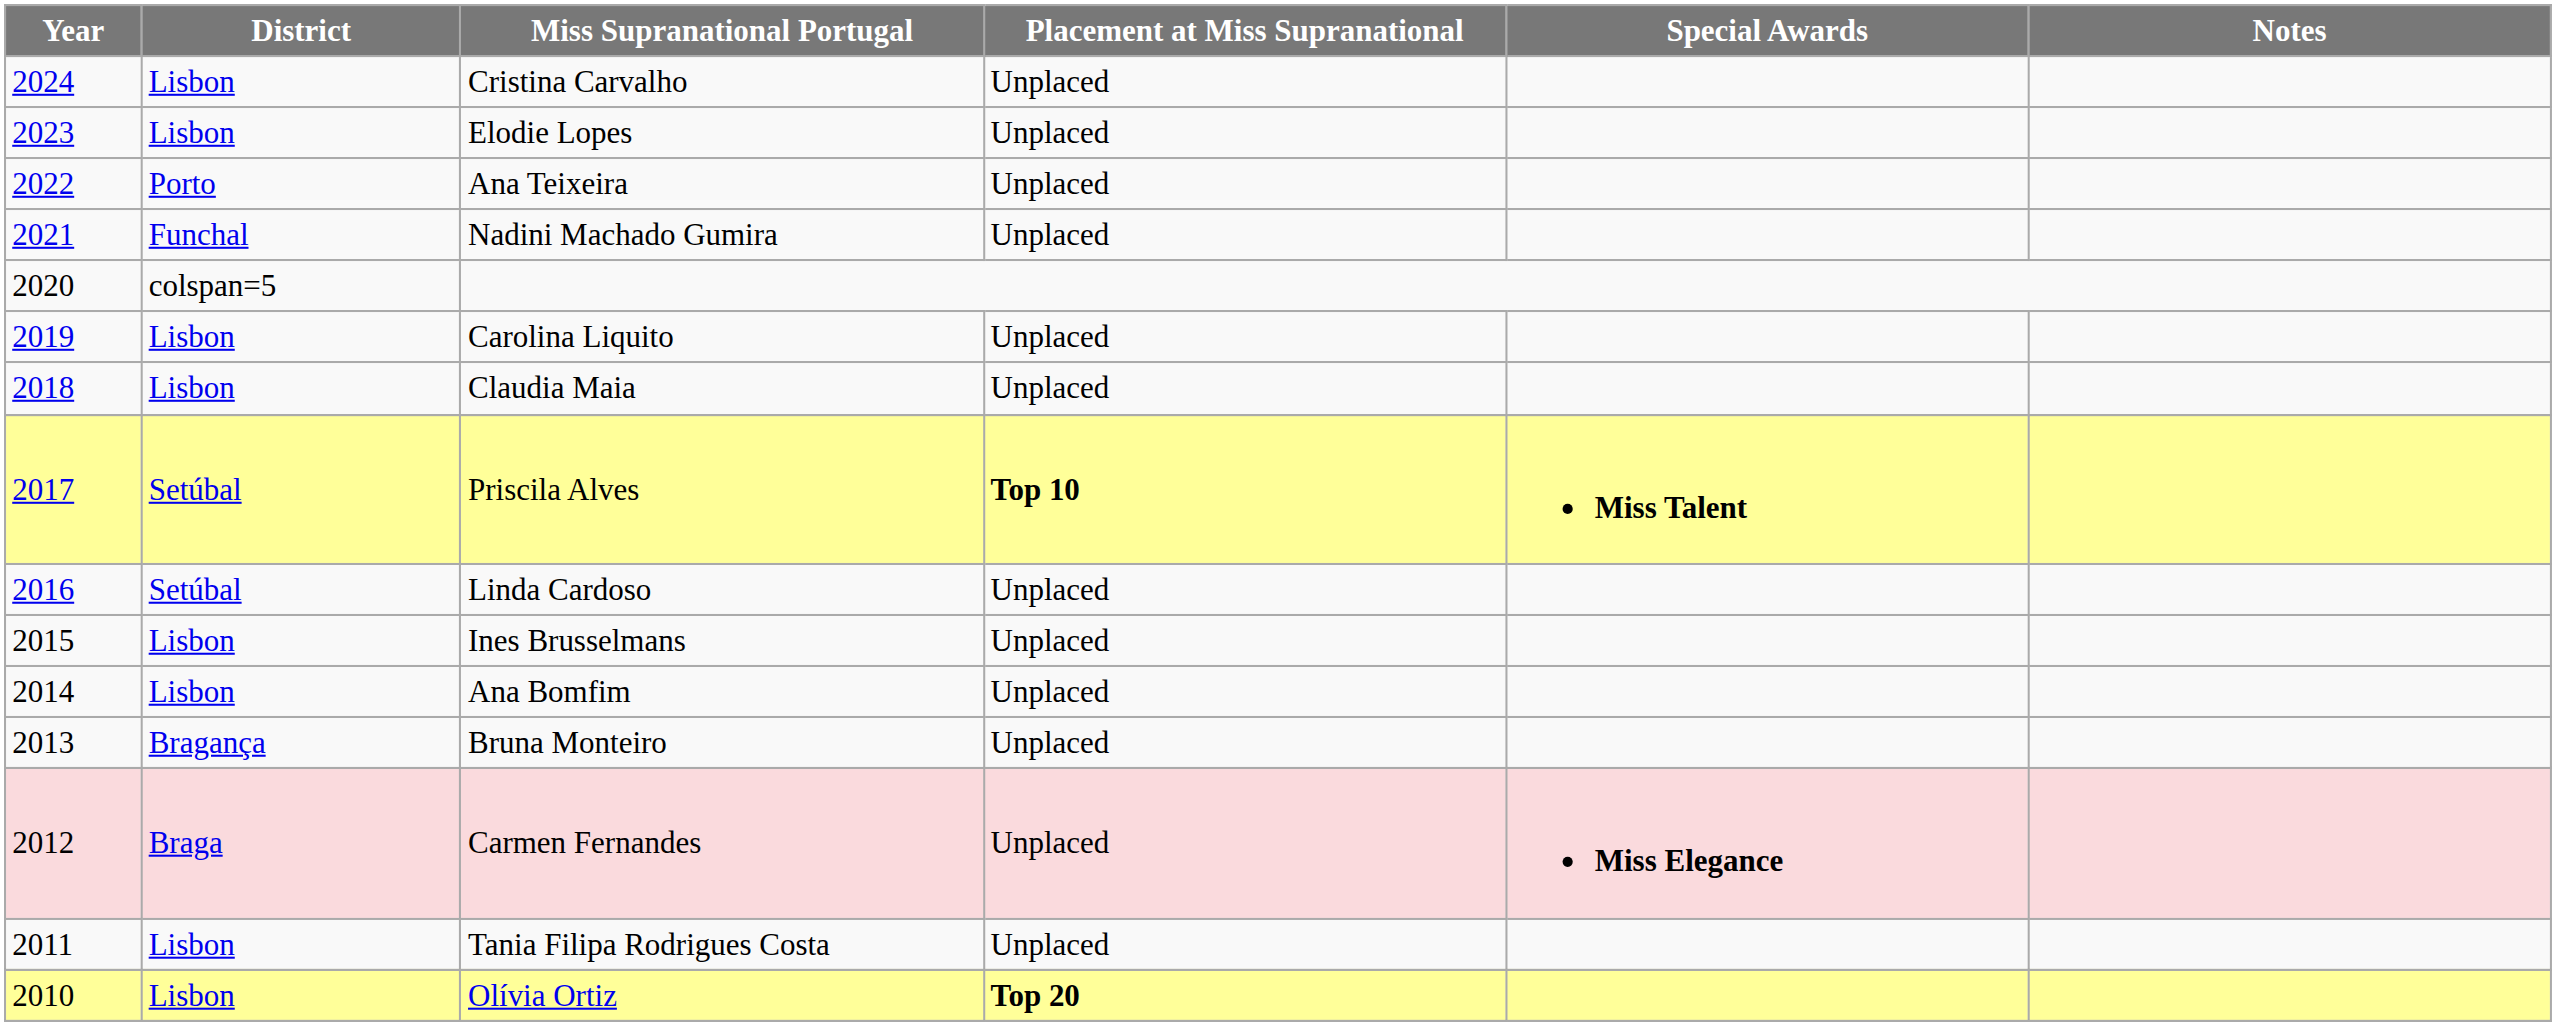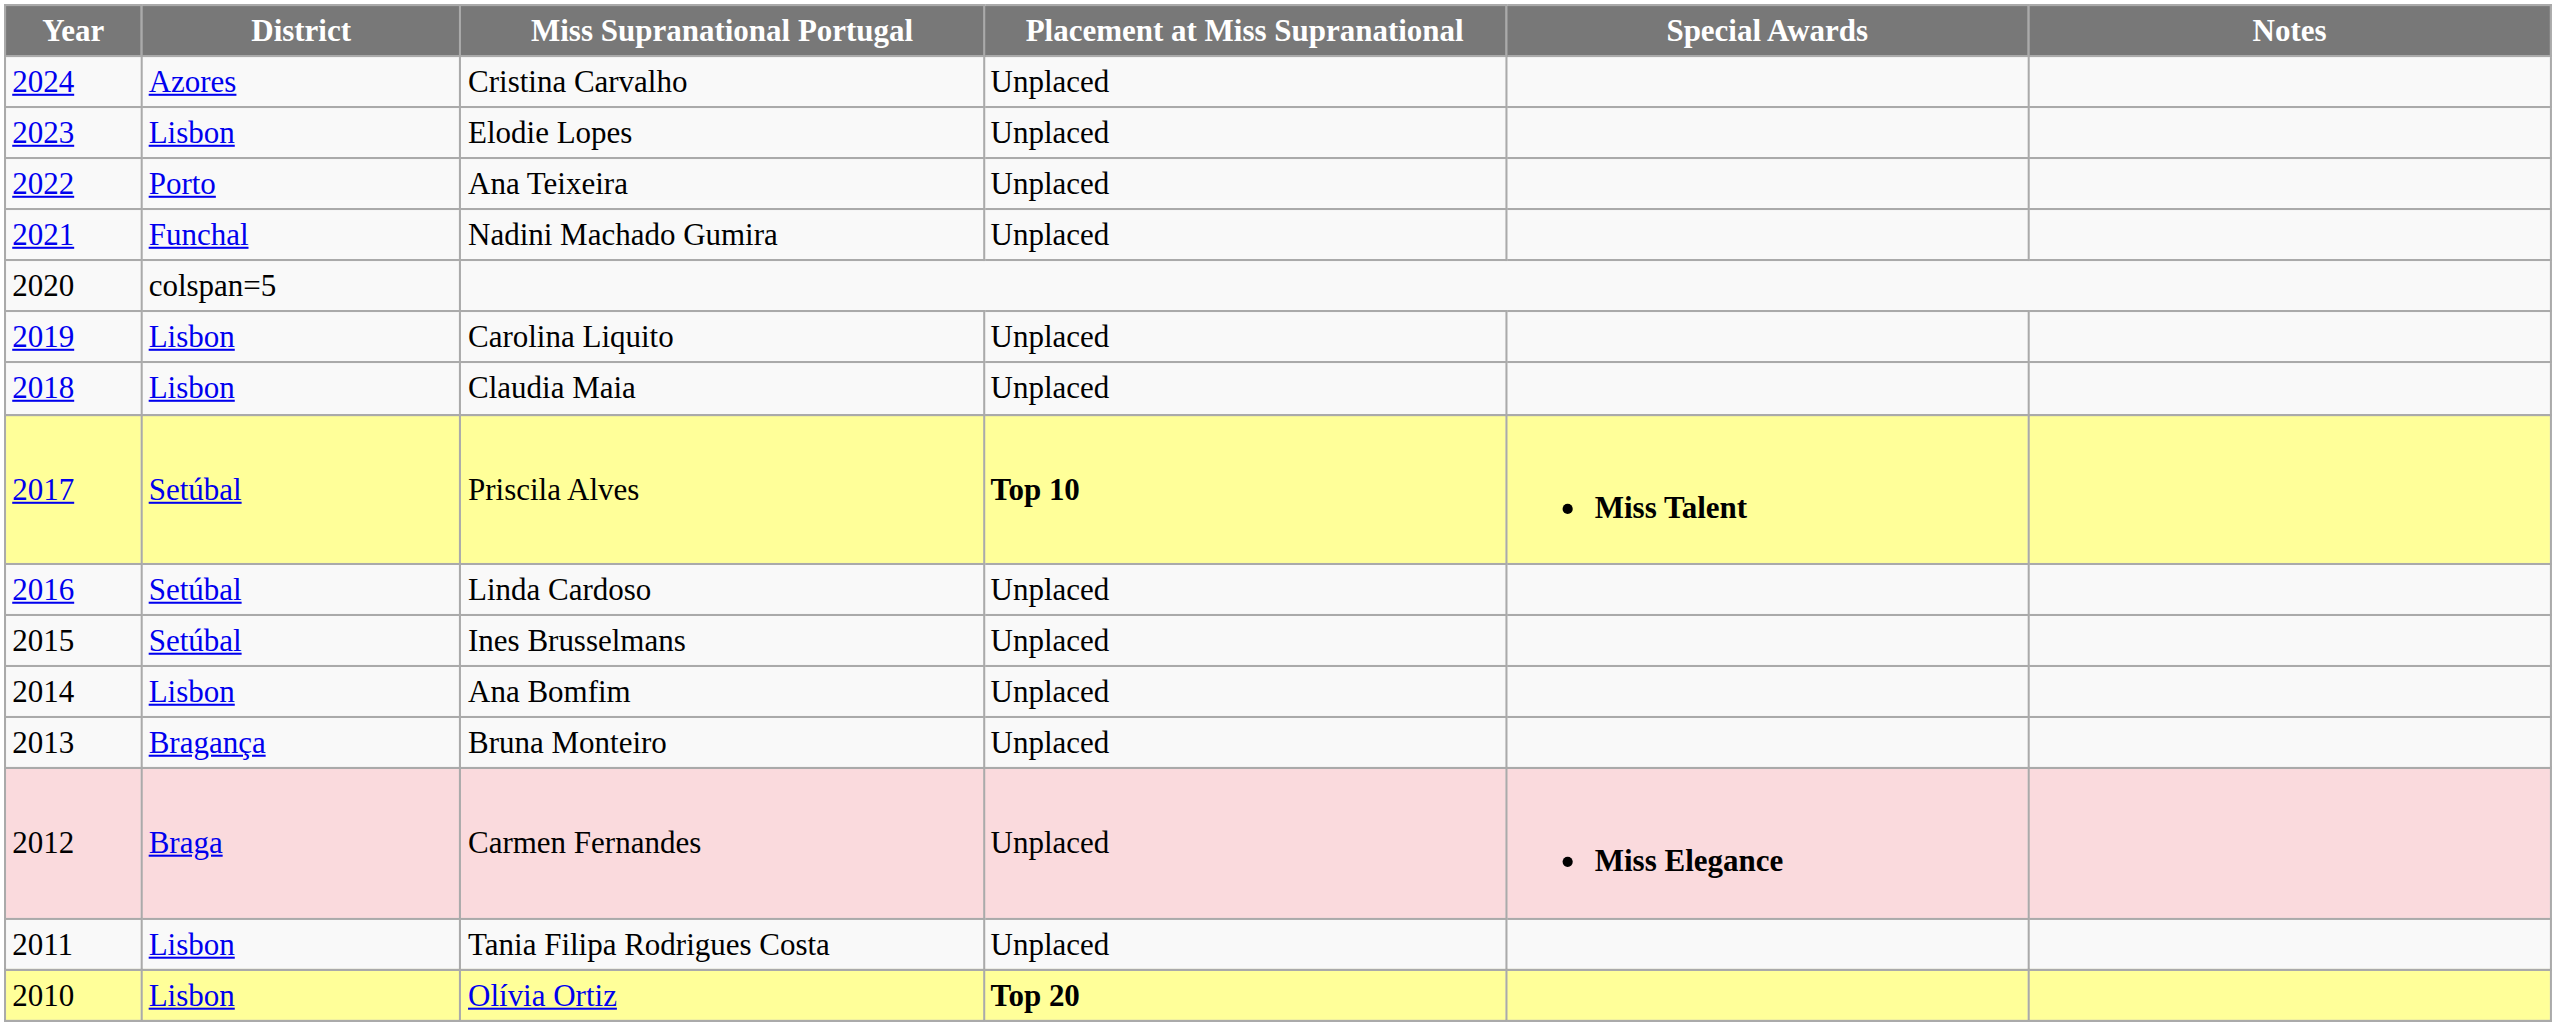 <table class="wikitable " style="font-size: 95%;">
 <tr>
 <th width="60" style="background-color:#787878;color:#FFFFFF;">Year</th>
 <th width="150" style="background-color:#787878;color:#FFFFFF;">District</th>
 <th width="250" style="background-color:#787878;color:#FFFFFF;">Miss Supranational Portugal</th>
 <th width="250" style="background-color:#787878;color:#FFFFFF;">Placement at Miss Supranational</th>
 <th width="250" style="background-color:#787878;color:#FFFFFF;">Special Awards</th>
 <th width="250" style="background-color:#787878;color:#FFFFFF;">Notes</th>
 </tr>
 <tr>
 <td><a href='#'>2024</a></td>
-<td><a href='#'>Lisbon</a></td>
+<td><a href='#'>Azores</a></td>
 <td>Cristina Carvalho</td>
 <td>Unplaced</td>
 <td></td>
 <td></td>
 </tr>
 <tr>
 <td><a href='#'>2023</a></td>
 <td><a href='#'>Lisbon</a></td>
 <td>Elodie Lopes</td>
 <td>Unplaced</td>
 <td></td>
 <td></td>
 </tr>
 <tr>
 <td><a href='#'>2022</a></td>
 <td><a href='#'>Porto</a></td>
 <td>Ana Teixeira</td>
 <td>Unplaced</td>
 <td></td>
 <td></td>
 </tr>
 <tr>
 <td><a href='#'>2021</a></td>
 <td><a href='#'>Funchal</a></td>
 <td>Nadini Machado Gumira</td>
 <td>Unplaced</td>
 <td></td>
 <td></td>
 </tr>
 <tr>
 <td>2020</td>
 <td>colspan=5 </td>
 </tr>
 <tr>
 <td><a href='#'>2019</a></td>
 <td><a href='#'>Lisbon</a></td>
 <td>Carolina Liquito</td>
 <td>Unplaced</td>
 <td></td>
 <td></td>
 </tr>
 <tr>
 <td><a href='#'>2018</a></td>
 <td><a href='#'>Lisbon</a></td>
 <td>Claudia Maia</td>
 <td>Unplaced</td>
 <td></td>
 <td></td>
 </tr>
 <tr>
 </tr>
 <tr style="background-color:#FFFF99;">
 <td><a href='#'>2017</a></td>
 <td><a href='#'>Setúbal</a></td>
 <td>Priscila Alves</td>
 <td><strong>Top 10</strong></td>
 <td align="left"><br><ul><li><strong>Miss Talent</strong></li></ul></td>
 <td></td>
 </tr>
 <tr>
 <td><a href='#'>2016</a></td>
 <td><a href='#'>Setúbal</a></td>
 <td>Linda Cardoso</td>
 <td>Unplaced</td>
 <td></td>
 <td></td>
 </tr>
 <tr>
 <td>2015</td>
-<td><a href='#'>Lisbon</a></td>
+<td><a href='#'>Setúbal</a></td>
 <td>Ines Brusselmans</td>
 <td>Unplaced</td>
 <td></td>
 <td></td>
 </tr>
 <tr>
 <td>2014</td>
 <td><a href='#'>Lisbon</a></td>
 <td>Ana Bomfim</td>
 <td>Unplaced</td>
 <td></td>
 <td></td>
 </tr>
 <tr>
 <td>2013</td>
 <td><a href='#'>Bragança</a></td>
 <td>Bruna Monteiro</td>
 <td>Unplaced</td>
 <td></td>
 <td></td>
 </tr>
 <tr>
 </tr>
 <tr style="background-color:#FADADD;">
 <td>2012</td>
 <td><a href='#'>Braga</a></td>
 <td>Carmen Fernandes</td>
 <td>Unplaced</td>
 <td align="left"><br><ul><li><strong>Miss Elegance</strong></li></ul></td>
 <td></td>
 </tr>
 <tr>
 <td>2011</td>
 <td><a href='#'>Lisbon</a></td>
 <td>Tania Filipa Rodrigues Costa</td>
 <td>Unplaced</td>
 <td></td>
 <td></td>
 </tr>
 <tr>
 </tr>
 <tr style="background-color:#FFFF99;">
 <td>2010</td>
 <td><a href='#'>Lisbon</a></td>
 <td><a href='#'>Olívia Ortiz</a></td>
 <td><strong>Top 20</strong></td>
 <td></td>
 <td></td>
 </tr>
 <tr>
 </tr>
 </table>
